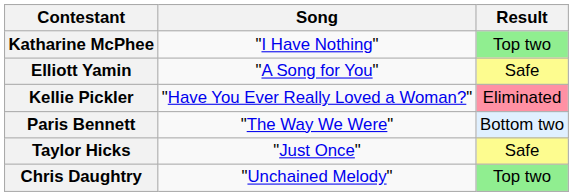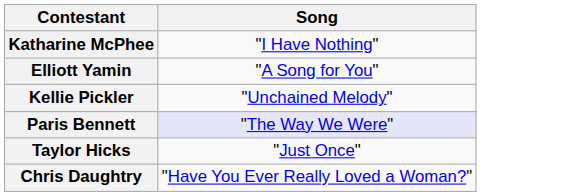 <table class="wikitable unsortable" style="text-align:center;">
 <tr>
 <th scope="col">Contestant</th>
 <th scope="col">Song</th>
-<th scope="col">Result</th>
 </tr>
 <tr>
 <th scope="row">Katharine McPhee</th>
 <td>"<a href='#'>I Have Nothing</a>"</td>
-<td style="background:lightgreen">Top two</td>
 </tr>
 <tr>
 <th scope="row">Elliott Yamin</th>
 <td>"<a href='#'>A Song for You</a>"</td>
-<td style="background:#FDFC8F">Safe</td>
 </tr>
 <tr>
 <th scope="row">Kellie Pickler</th>
-<td>"<a href='#'>Have You Ever Really Loved a Woman?</a>"</td>
-<td bgcolor="FF91A4">Eliminated</td>
+<td>"<a href='#'>Unchained Melody</a>"</td>
 </tr>
 <tr>
 <th scope="row">Paris Bennett</th>
-<td>"<a href='#'>The Way We Were</a>"</td>
-<td bgcolor="E0F0FF">Bottom two</td>
+<td style="background: lavender;">"<a href='#'>The Way We Were</a>"</td>
 </tr>
 <tr>
 <th scope="row">Taylor Hicks</th>
 <td>"<a href='#'>Just Once</a>"</td>
-<td style="background:#FDFC8F">Safe</td>
 </tr>
 <tr>
 <th scope="row">Chris Daughtry</th>
-<td>"<a href='#'>Unchained Melody</a>"</td>
-<td style="background:lightgreen">Top two</td>
+<td>"<a href='#'>Have You Ever Really Loved a Woman?</a>"</td>
 </tr>
 </table>
